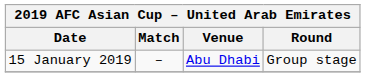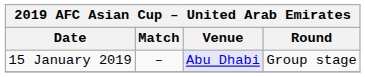 <table class="wikitable" style="margin:1em auto 1em auto; text-align:center; font-size:small;">
 <tr>
 <th colspan="4">2019 AFC Asian Cup – United Arab Emirates</th>
 </tr>
 <tr>
 <th>Date</th>
 <th>Match</th>
 <th>Venue</th>
 <th>Round</th>
 </tr>
 <tr>
 <td>15 January 2019</td>
 <td> – </td>
-<td><a href='#'>Abu Dhabi</a></td>
+<td style="background: lavender;"><a href='#'>Abu Dhabi</a></td>
 <td>Group stage</td>
 </tr>
 <tr>
 </tr>
 </table>
